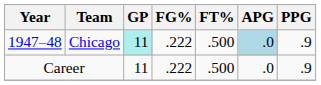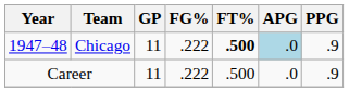 <table class="wikitable sortable" style="font-size:95%; text-align:right;">
 <tr>
 <th>Year</th>
 <th>Team</th>
 <th>GP</th>
 <th>FG%</th>
 <th>FT%</th>
 <th>APG</th>
 <th>PPG</th>
 </tr>
 <tr>
 <td style="text-align:left;"><a href='#'>1947–48</a></td>
 <td style="text-align:left;"><a href='#'>Chicago</a></td>
-<td style="background: paleturquoise;">11</td>
+<td>11</td>
 <td>.222</td>
-<td>.500</td>
+<td><strong>.500</strong></td>
 <td style="background: lightblue;">.0</td>
 <td>.9</td>
 </tr>
 <tr>
 <td style="text-align:center;" colspan="2">Career</td>
 <td>11</td>
 <td>.222</td>
 <td>.500</td>
 <td>.0</td>
 <td>.9</td>
 </tr>
 <tr>
 </tr>
 </table>
